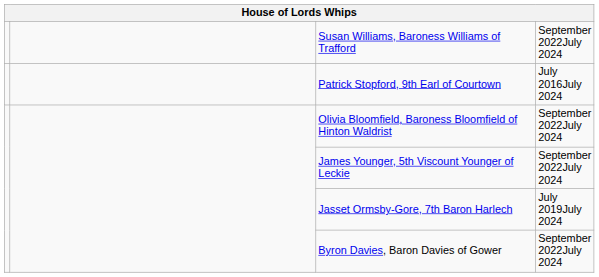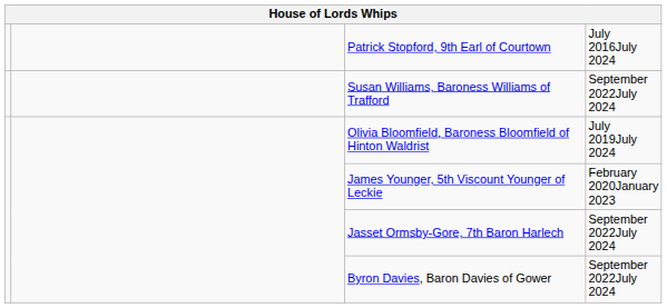 <table class="wikitable">
 <tr>
 <th colspan="4">House of Lords Whips</th>
+</tr>
+<tr>
+<td style="width: 1px; background: "></td>
+<td></td>
+<td><a href='#'>Patrick Stopford, 9th Earl of Courtown</a></td>
+<td>July 2016July 2024</td>
 </tr>
 <tr>
 <td style="width: 1px; background: "></td>
 <td style="width: 450px;"></td>
 <td style="width: 320px;"><a href='#'>Susan Williams, Baroness Williams of Trafford</a></td>
 <td>September 2022July 2024</td>
 </tr>
 <tr>
-<td style="width: 1px; background: "></td>
-<td></td>
-<td><a href='#'>Patrick Stopford, 9th Earl of Courtown</a></td>
-<td>July 2016July 2024</td>
-</tr>
-<tr>
 <td rowspan=4 style="width: 1px; background: "></td>
 <td rowspan=4></td>
 <td><a href='#'>Olivia Bloomfield, Baroness Bloomfield of Hinton Waldrist</a></td>
-<td>September 2022July 2024</td>
+<td>July 2019July 2024</td>
 </tr>
 <tr>
 <td><a href='#'>James Younger, 5th Viscount Younger of Leckie</a></td>
-<td>September 2022July 2024</td>
+<td>February 2020January 2023</td>
 </tr>
 <tr>
 <td><a href='#'>Jasset Ormsby-Gore, 7th Baron Harlech</a></td>
-<td>July 2019July 2024</td>
+<td>September 2022July 2024</td>
 </tr>
 <tr>
 <td><a href='#'>Byron Davies</a>, Baron Davies of Gower</td>
 <td>September 2022July 2024</td>
 </tr>
 </table>
